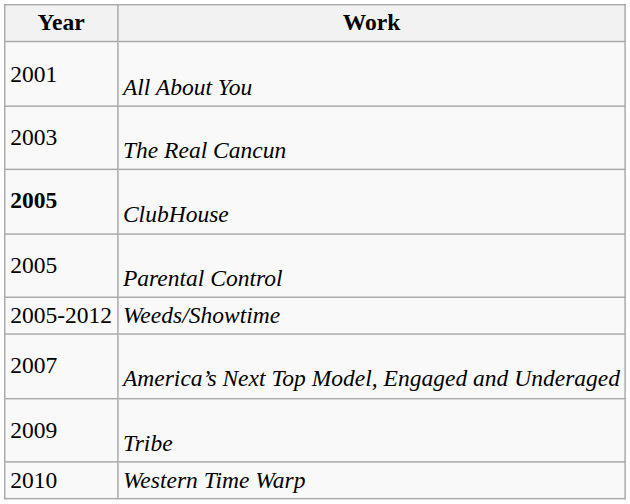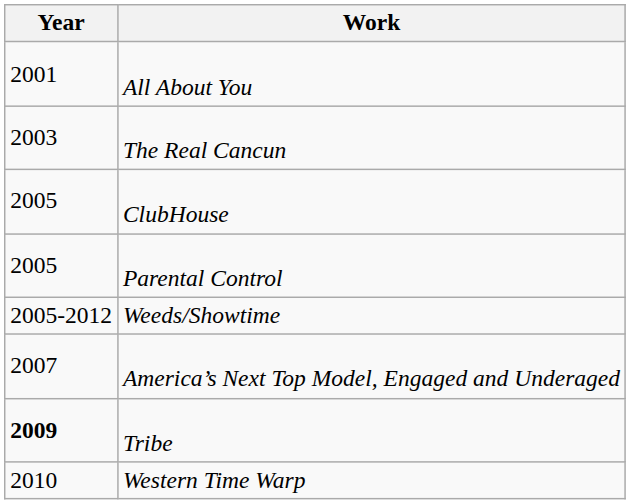 <table class="wikitable">
 <tr>
 <th>Year</th>
 <th>Work</th>
 </tr>
 <tr>
 <td>2001</td>
 <td><br><em>All About You</em></td>
 </tr>
 <tr>
 <td>2003</td>
 <td><br><em>The Real Cancun</em></td>
 </tr>
 <tr>
-<td><strong>2005</strong></td>
+<td>2005</td>
 <td><br><em>ClubHouse</em></td>
 </tr>
 <tr>
 <td>2005</td>
 <td><br><em>Parental Control</em></td>
 </tr>
 <tr>
 <td>2005-2012</td>
 <td><em>Weeds/Showtime</em></td>
 </tr>
 <tr>
 <td>2007</td>
 <td><br><em>America’s Next Top Model, Engaged and Underaged</em></td>
 </tr>
 <tr>
-<td>2009</td>
+<td><strong>2009</strong></td>
 <td><br><em>Tribe</em></td>
 </tr>
 <tr>
 <td>2010</td>
 <td><em>Western Time Warp</em></td>
 </tr>
 </table>
